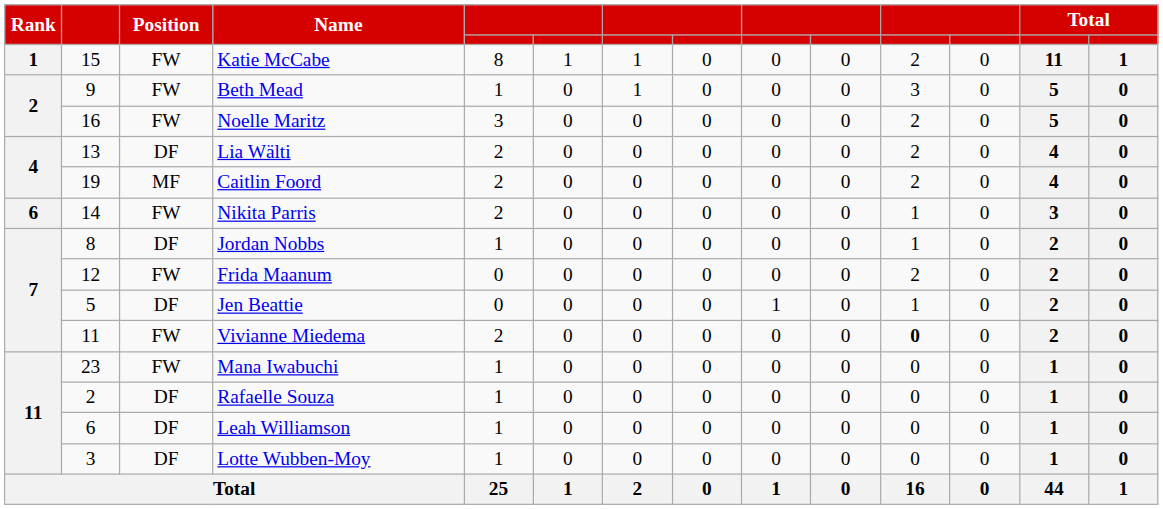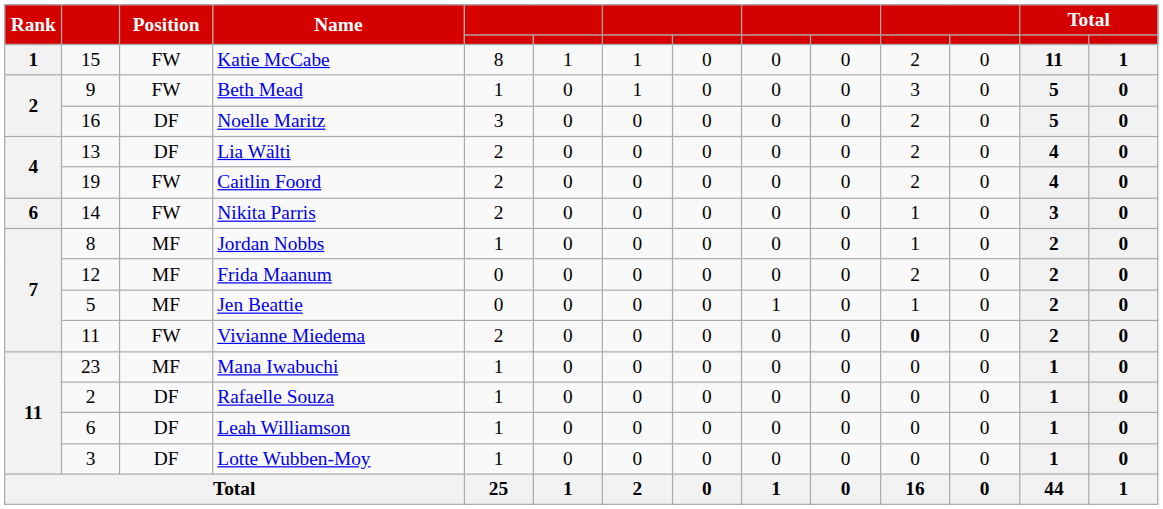 <table class="wikitable sortable" style="text-align:center; font-size:100%; ">
 <tr>
 <th style="background:#d50000; color:white; text-align:center; width:40px;" rowspan="2">Rank</th>
 <th style="background:#d50000; color:white; text-align:center; width:40px;" rowspan="2"></th>
 <th style="background:#d50000; color:white; text-align:center; width:70px;" rowspan="2">Position</th>
 <th style="background:#d50000; color:white; text-align:center; width:200px;" rowspan="2">Name</th>
 <th style="background:#d50000; color:white; text-align:center;" colspan="2"><a href='#'></a></th>
 <th style="background:#d50000; color:white; text-align:center;" colspan="2"><a href='#'></a></th>
 <th style="background:#d50000; color:white; text-align:center;" colspan="2"><a href='#'></a></th>
 <th style="background:#d50000; color:white; text-align:center;" colspan="2"><a href='#'></a></th>
 <th style="background:#d50000; color:white; text-align:center;" colspan="2">Total</th>
 </tr>
 <tr>
 <th style="background:#d50000; color:white; text-align:center; width:50px;"></th>
 <th style="background:#d50000; color:white; text-align:center; width:50px;"></th>
 <th style="background:#d50000; color:white; text-align:center; width:50px;"></th>
 <th style="background:#d50000; color:white; text-align:center; width:50px;"></th>
 <th style="background:#d50000; color:white; text-align:center; width:50px;"></th>
 <th style="background:#d50000; color:white; text-align:center; width:50px;"></th>
 <th style="background:#d50000; color:white; text-align:center; width:50px;"></th>
 <th style="background:#d50000; color:white; text-align:center; width:50px;"></th>
 <th style="background:#d50000; color:white; text-align:center; width:50px;"></th>
 <th style="background:#d50000; color:white; text-align:center; width:50px;"></th>
 </tr>
 <tr>
 <th>1</th>
 <td>15</td>
 <td>FW</td>
 <td align="left"> <a href='#'>Katie McCabe</a></td>
 <td>8</td>
 <td>1</td>
 <td>1</td>
 <td>0</td>
 <td>0</td>
 <td>0</td>
 <td>2</td>
 <td>0</td>
 <th>11</th>
 <th>1</th>
 </tr>
 <tr>
 <th rowspan="2">2</th>
 <td>9</td>
 <td>FW</td>
 <td align="left"> <a href='#'>Beth Mead</a></td>
 <td>1</td>
 <td>0</td>
 <td>1</td>
 <td>0</td>
 <td>0</td>
 <td>0</td>
 <td>3</td>
 <td>0</td>
 <th>5</th>
 <th>0</th>
 </tr>
 <tr>
 <td>16</td>
-<td>FW</td>
+<td>DF</td>
 <td align="left"> <a href='#'>Noelle Maritz</a></td>
 <td>3</td>
 <td>0</td>
 <td>0</td>
 <td>0</td>
 <td>0</td>
 <td>0</td>
 <td>2</td>
 <td>0</td>
 <th>5</th>
 <th>0</th>
 </tr>
 <tr>
 <th rowspan="2">4</th>
 <td>13</td>
 <td>DF</td>
 <td align="left"> <a href='#'>Lia Wälti</a></td>
 <td>2</td>
 <td>0</td>
 <td>0</td>
 <td>0</td>
 <td>0</td>
 <td>0</td>
 <td>2</td>
 <td>0</td>
 <th>4</th>
 <th>0</th>
 </tr>
 <tr>
 <td>19</td>
-<td>MF</td>
+<td>FW</td>
 <td align="left"> <a href='#'>Caitlin Foord</a></td>
 <td>2</td>
 <td>0</td>
 <td>0</td>
 <td>0</td>
 <td>0</td>
 <td>0</td>
 <td>2</td>
 <td>0</td>
 <th>4</th>
 <th>0</th>
 </tr>
 <tr>
 <th>6</th>
 <td>14</td>
 <td>FW</td>
 <td align="left"> <a href='#'>Nikita Parris</a></td>
 <td>2</td>
 <td>0</td>
 <td>0</td>
 <td>0</td>
 <td>0</td>
 <td>0</td>
 <td>1</td>
 <td>0</td>
 <th>3</th>
 <th>0</th>
 </tr>
 <tr>
 <th rowspan="4">7</th>
 <td>8</td>
-<td>DF</td>
+<td>MF</td>
 <td align="left"> <a href='#'>Jordan Nobbs</a></td>
 <td>1</td>
 <td>0</td>
 <td>0</td>
 <td>0</td>
 <td>0</td>
 <td>0</td>
 <td>1</td>
 <td>0</td>
 <th>2</th>
 <th>0</th>
 </tr>
 <tr>
 <td>12</td>
-<td>FW</td>
+<td>MF</td>
 <td align="left"> <a href='#'>Frida Maanum</a></td>
 <td>0</td>
 <td>0</td>
 <td>0</td>
 <td>0</td>
 <td>0</td>
 <td>0</td>
 <td>2</td>
 <td>0</td>
 <th>2</th>
 <th>0</th>
 </tr>
 <tr>
 <td>5</td>
-<td>DF</td>
+<td>MF</td>
 <td align="left"> <a href='#'>Jen Beattie</a></td>
 <td>0</td>
 <td>0</td>
 <td>0</td>
 <td>0</td>
 <td>1</td>
 <td>0</td>
 <td>1</td>
 <td>0</td>
 <th>2</th>
 <th>0</th>
 </tr>
 <tr>
 <td>11</td>
 <td>FW</td>
 <td align="left"> <a href='#'>Vivianne Miedema</a></td>
 <td>2</td>
 <td>0</td>
 <td>0</td>
 <td>0</td>
 <td>0</td>
 <td>0</td>
 <td><strong>0</strong></td>
 <td>0</td>
 <th>2</th>
 <th>0</th>
 </tr>
 <tr>
 <th rowspan="4">11</th>
 <td>23</td>
-<td>FW</td>
+<td>MF</td>
 <td align="left"> <a href='#'>Mana Iwabuchi</a></td>
 <td>1</td>
 <td>0</td>
 <td>0</td>
 <td>0</td>
 <td>0</td>
 <td>0</td>
 <td>0</td>
 <td>0</td>
 <th>1</th>
 <th>0</th>
 </tr>
 <tr>
 <td>2</td>
 <td>DF</td>
 <td align="left"> <a href='#'>Rafaelle Souza</a></td>
 <td>1</td>
 <td>0</td>
 <td>0</td>
 <td>0</td>
 <td>0</td>
 <td>0</td>
 <td>0</td>
 <td>0</td>
 <th>1</th>
 <th>0</th>
 </tr>
 <tr>
 <td>6</td>
 <td>DF</td>
 <td align="left"> <a href='#'>Leah Williamson</a></td>
 <td>1</td>
 <td>0</td>
 <td>0</td>
 <td>0</td>
 <td>0</td>
 <td>0</td>
 <td>0</td>
 <td>0</td>
 <th>1</th>
 <th>0</th>
 </tr>
 <tr>
 <td>3</td>
 <td>DF</td>
 <td align="left"> <a href='#'>Lotte Wubben-Moy</a></td>
 <td>1</td>
 <td>0</td>
 <td>0</td>
 <td>0</td>
 <td>0</td>
 <td>0</td>
 <td>0</td>
 <td>0</td>
 <th>1</th>
 <th>0</th>
 </tr>
 <tr>
 <th colspan="4">Total</th>
 <th>25</th>
 <th>1</th>
 <th>2</th>
 <th>0</th>
 <th>1</th>
 <th>0</th>
 <th>16</th>
 <th>0</th>
 <th>44</th>
 <th>1</th>
 </tr>
 </table>
